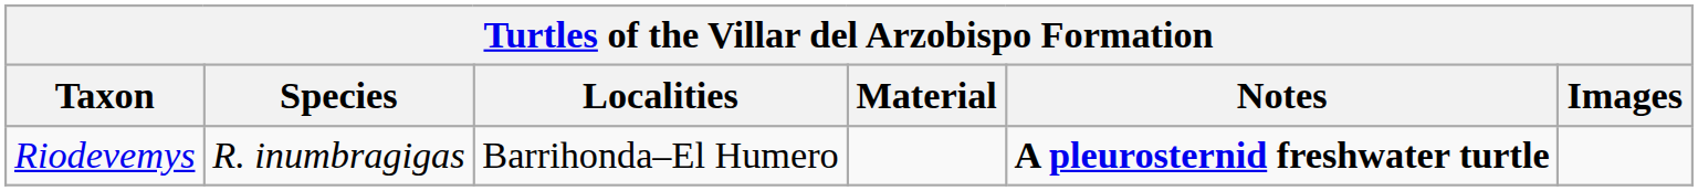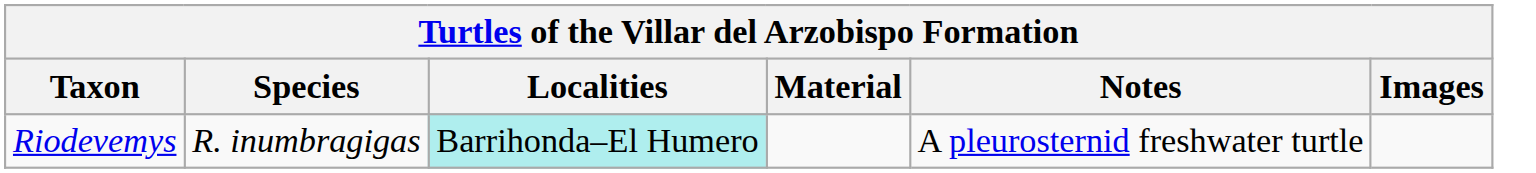 <table class="wikitable">
 <tr>
 <th colspan="6"><a href='#'>Turtles</a> of the Villar del Arzobispo Formation</th>
 </tr>
 <tr>
 <th>Taxon</th>
 <th>Species</th>
 <th>Localities</th>
 <th>Material</th>
 <th>Notes</th>
 <th>Images</th>
 </tr>
 <tr>
 <td><em><a href='#'>Riodevemys</a></em></td>
 <td><em>R. inumbragigas</em></td>
-<td>Barrihonda–El Humero</td>
+<td style="background: paleturquoise;">Barrihonda–El Humero</td>
 <td></td>
-<td><strong>A <a href='#'>pleurosternid</a> freshwater turtle</strong></td>
+<td>A <a href='#'>pleurosternid</a> freshwater turtle</td>
 <td></td>
 </tr>
 </table>
